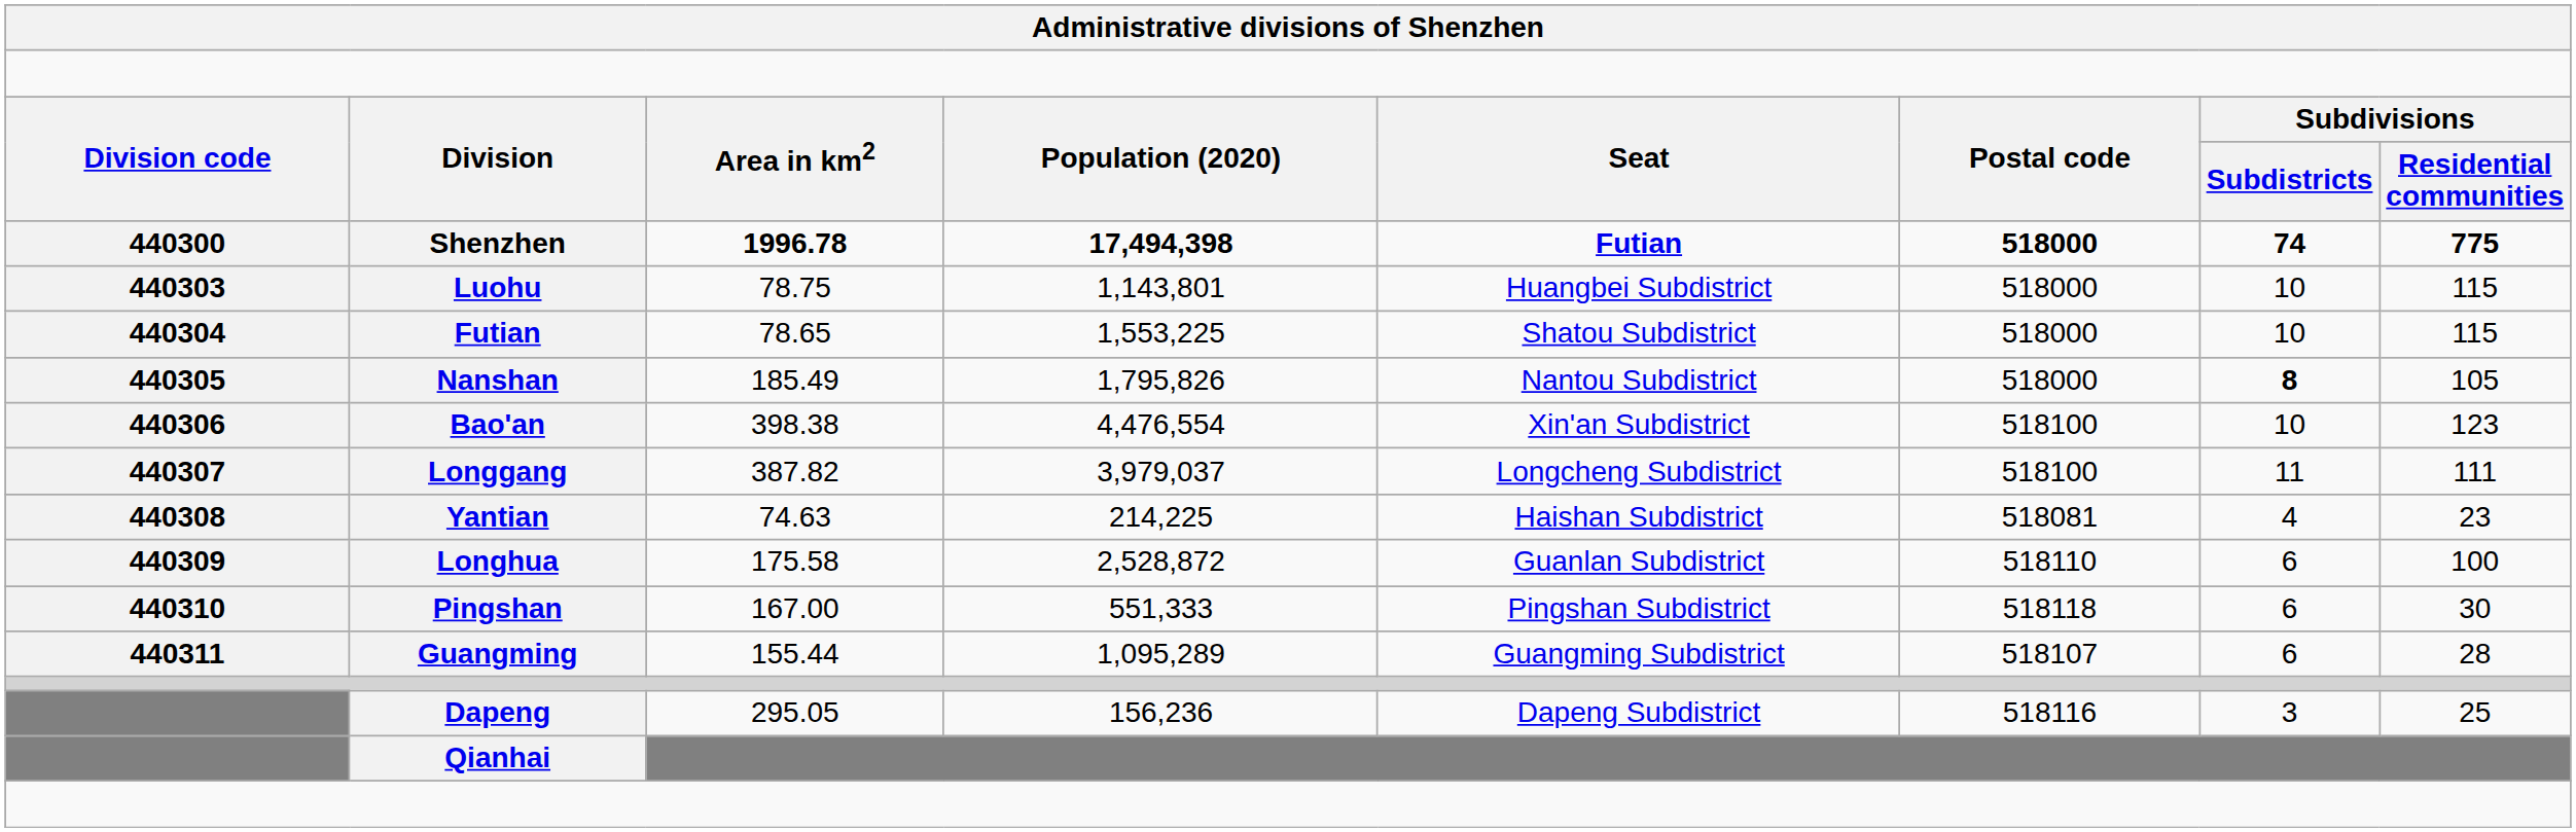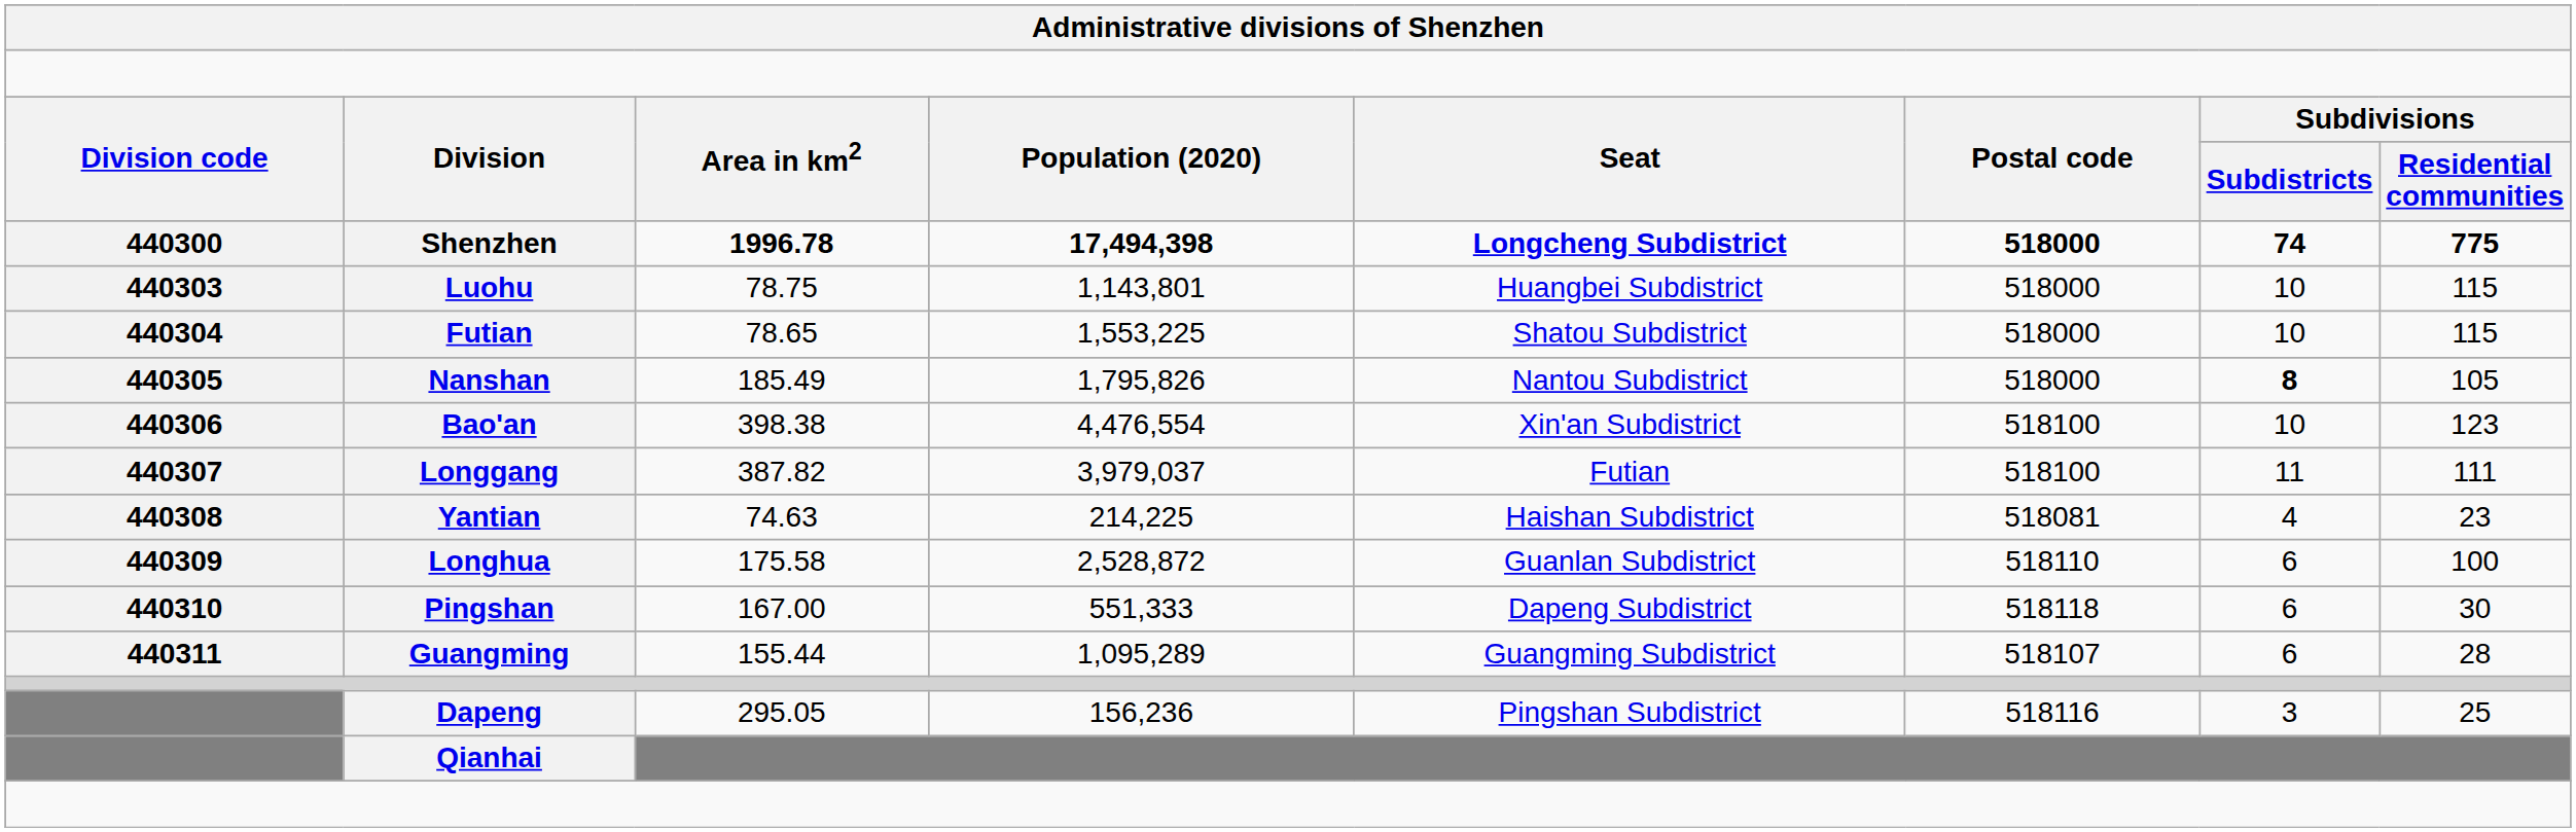 <table class="wikitable" style="margin:1em auto 1em auto; width:90%; text-align:center">
 <tr>
 <th colspan="10"><strong>Administrative divisions of Shenzhen</strong></th>
 </tr>
 <tr>
 <td colspan="10"><div><br>            </div></td>
 </tr>
 <tr>
 <th rowspan="2" scope="col" !><a href='#'>Division code</a></th>
 <th rowspan="2" scope="col" !>Division</th>
 <th rowspan="2" scope="col" !>Area in km<sup>2</sup></th>
 <th rowspan="2" scope="col" !>Population (2020)</th>
 <th rowspan="2" scope="col" !>Seat</th>
 <th rowspan="2" scope="col" !>Postal code</th>
 <th colspan="2" scope="col" !>Subdivisions</th>
 </tr>
 <tr>
 <th scope="col" style="width:45px;" !><a href='#'>Subdistricts</a></th>
 <th scope="col" style="width:45px;" !><a href='#'>Residential communities</a></th>
 </tr>
 <tr style="font-weight: bold">
 <th>440300</th>
 <th>Shenzhen</th>
 <td>1996.78</td>
 <td>17,494,398</td>
-<td><a href='#'>Futian</a></td>
+<td><a href='#'>Longcheng Subdistrict</a></td>
 <td>518000</td>
 <td>74</td>
 <td>775</td>
 </tr>
 <tr>
 <th>440303</th>
 <th><a href='#'>Luohu</a></th>
 <td>78.75</td>
 <td>1,143,801</td>
 <td><a href='#'>Huangbei Subdistrict</a></td>
 <td>518000</td>
 <td>10</td>
 <td>115</td>
 </tr>
 <tr>
 <th>440304</th>
 <th><a href='#'>Futian</a></th>
 <td>78.65</td>
 <td>1,553,225</td>
 <td><a href='#'>Shatou Subdistrict</a></td>
 <td>518000</td>
 <td>10</td>
 <td>115</td>
 </tr>
 <tr>
 <th>440305</th>
 <th><a href='#'>Nanshan</a></th>
 <td>185.49</td>
 <td>1,795,826</td>
 <td><a href='#'>Nantou Subdistrict</a></td>
 <td>518000</td>
 <td><strong>8</strong></td>
 <td>105</td>
 </tr>
 <tr>
 <th>440306</th>
 <th><a href='#'>Bao'an</a></th>
 <td>398.38</td>
 <td>4,476,554</td>
 <td><a href='#'>Xin'an Subdistrict</a></td>
 <td>518100</td>
 <td>10</td>
 <td>123</td>
 </tr>
 <tr>
 <th>440307</th>
 <th><a href='#'>Longgang</a></th>
 <td>387.82</td>
 <td>3,979,037</td>
-<td><a href='#'>Longcheng Subdistrict</a></td>
+<td><a href='#'>Futian</a></td>
 <td>518100</td>
 <td>11</td>
 <td>111</td>
 </tr>
 <tr>
 <th>440308</th>
 <th><a href='#'>Yantian</a></th>
 <td>74.63</td>
 <td>214,225</td>
 <td><a href='#'>Haishan Subdistrict</a></td>
 <td>518081</td>
 <td>4</td>
 <td>23</td>
 </tr>
 <tr>
 <th>440309</th>
 <th><a href='#'>Longhua</a></th>
 <td>175.58</td>
 <td>2,528,872</td>
 <td><a href='#'>Guanlan Subdistrict</a></td>
 <td>518110</td>
 <td>6</td>
 <td>100</td>
 </tr>
 <tr>
 <th>440310</th>
 <th><a href='#'>Pingshan</a></th>
 <td>167.00</td>
 <td>551,333</td>
-<td><a href='#'>Pingshan Subdistrict</a></td>
+<td><a href='#'>Dapeng Subdistrict</a></td>
 <td>518118</td>
 <td>6</td>
 <td>30</td>
 </tr>
 <tr>
 <th>440311</th>
 <th><a href='#'>Guangming</a></th>
 <td>155.44</td>
 <td>1,095,289</td>
 <td><a href='#'>Guangming Subdistrict</a></td>
 <td>518107</td>
 <td>6</td>
 <td>28</td>
 </tr>
 <tr style="background:lightgrey; height: 2pt">
 <td colspan="10"></td>
 </tr>
 <tr>
 <td style="background:gray;"> </td>
 <th><a href='#'>Dapeng</a></th>
 <td>295.05</td>
 <td>156,236</td>
-<td><a href='#'>Dapeng Subdistrict</a></td>
+<td><a href='#'>Pingshan Subdistrict</a></td>
 <td>518116</td>
 <td>3</td>
 <td>25</td>
 </tr>
 <tr>
 <td style="background:gray;"> </td>
 <th><a href='#'>Qianhai</a></th>
 <td colspan="6" style="background:gray;"></td>
 </tr>
 <tr>
 <td colspan="10"><br></td>
 </tr>
 </table>
